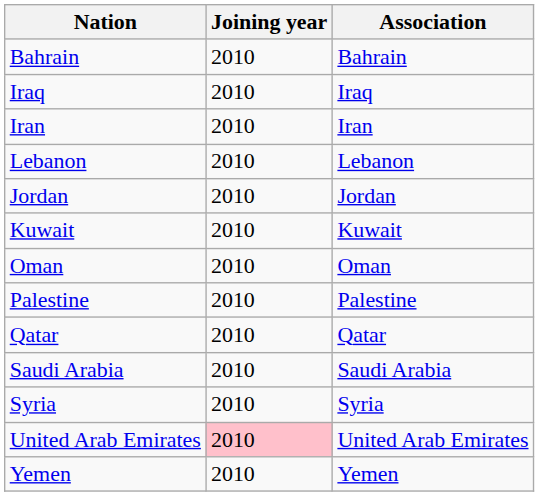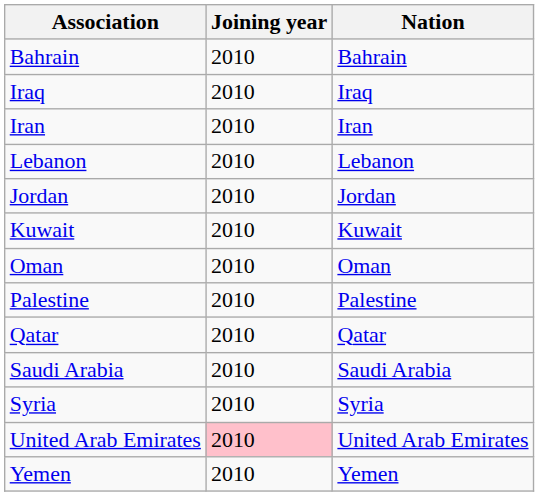 <table class="wikitable sortable">
 <tr>
+<th>Association</th>
+<th>Joining year</th>
 <th>Nation</th>
-<th>Joining year</th>
-<th>Association</th>
 </tr>
 <tr>
+<td> <a href='#'>Bahrain</a></td>
+<td>2010</td>
 <td><a href='#'>Bahrain</a></td>
-<td>2010</td>
-<td> <a href='#'>Bahrain</a></td>
 </tr>
 <tr>
+<td> <a href='#'>Iraq</a></td>
+<td>2010</td>
 <td><a href='#'>Iraq</a></td>
-<td>2010</td>
-<td> <a href='#'>Iraq</a></td>
 </tr>
 <tr>
+<td> <a href='#'>Iran</a></td>
+<td>2010</td>
 <td><a href='#'>Iran</a></td>
-<td>2010</td>
-<td> <a href='#'>Iran</a></td>
 </tr>
 <tr>
+<td> <a href='#'>Lebanon</a></td>
+<td>2010</td>
 <td><a href='#'>Lebanon</a></td>
-<td>2010</td>
-<td> <a href='#'>Lebanon</a></td>
 </tr>
 <tr>
+<td> <a href='#'>Jordan</a></td>
+<td>2010</td>
 <td><a href='#'>Jordan</a></td>
-<td>2010</td>
-<td> <a href='#'>Jordan</a></td>
 </tr>
 <tr>
+<td> <a href='#'>Kuwait</a></td>
+<td>2010</td>
 <td><a href='#'>Kuwait</a></td>
-<td>2010</td>
-<td> <a href='#'>Kuwait</a></td>
 </tr>
 <tr>
+<td> <a href='#'>Oman</a></td>
+<td>2010</td>
 <td><a href='#'>Oman</a></td>
-<td>2010</td>
-<td> <a href='#'>Oman</a></td>
 </tr>
 <tr>
+<td> <a href='#'>Palestine</a></td>
+<td>2010</td>
 <td><a href='#'>Palestine</a></td>
-<td>2010</td>
-<td> <a href='#'>Palestine</a></td>
 </tr>
 <tr>
+<td> <a href='#'>Qatar</a></td>
+<td>2010</td>
 <td><a href='#'>Qatar</a></td>
-<td>2010</td>
-<td> <a href='#'>Qatar</a></td>
 </tr>
 <tr>
+<td> <a href='#'>Saudi Arabia</a></td>
+<td>2010</td>
 <td><a href='#'>Saudi Arabia</a></td>
-<td>2010</td>
-<td> <a href='#'>Saudi Arabia</a></td>
 </tr>
 <tr>
+<td> <a href='#'>Syria</a></td>
+<td>2010</td>
 <td><a href='#'>Syria</a></td>
-<td>2010</td>
-<td> <a href='#'>Syria</a></td>
 </tr>
 <tr>
+<td> <a href='#'>United Arab Emirates</a></td>
+<td style="background: pink;">2010</td>
 <td><a href='#'>United Arab Emirates</a></td>
-<td style="background: pink;">2010</td>
-<td> <a href='#'>United Arab Emirates</a></td>
 </tr>
 <tr>
+<td> <a href='#'>Yemen</a></td>
+<td>2010</td>
 <td><a href='#'>Yemen</a></td>
-<td>2010</td>
-<td> <a href='#'>Yemen</a></td>
 </tr>
 </table>
